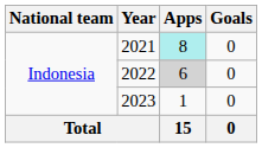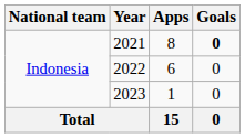 <table class="wikitable" style="text-align:center">
 <tr>
 <th>National team</th>
 <th>Year</th>
 <th>Apps</th>
 <th>Goals</th>
 </tr>
 <tr>
 <td rowspan="3"><a href='#'>Indonesia</a></td>
 <td>2021</td>
-<td style="background: paleturquoise;">8</td>
-<td>0</td>
+<td>8</td>
+<td><strong>0</strong></td>
 </tr>
 <tr>
 <td>2022</td>
-<td style="background: lightgrey;">6</td>
+<td>6</td>
 <td>0</td>
 </tr>
 <tr>
 <td>2023</td>
 <td>1</td>
 <td>0</td>
 </tr>
 <tr>
 <th colspan="2">Total</th>
 <th>15</th>
 <th>0</th>
 </tr>
 </table>
